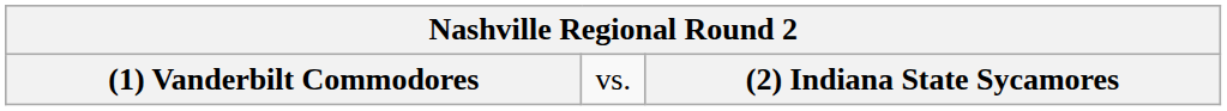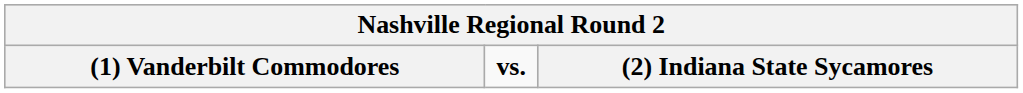 <table class="wikitable">
 <tr>
 <th style="width: 604px;" colspan=3>Nashville Regional Round 2</th>
 </tr>
 <tr>
 <th style="width: 289px; ">(1) Vanderbilt Commodores</th>
-<td style="width: 25px; text-align:center">vs.</td>
+<td style="width: 25px; text-align:center"><strong>vs.</strong></td>
 <th style="width: 289px; ">(2) Indiana State Sycamores</th>
 </tr>
 </table>
